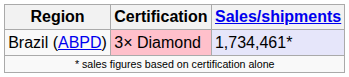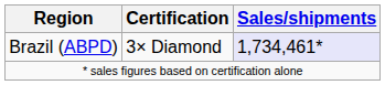 <table class="wikitable sortable">
 <tr>
 <th bgcolor="#ebf5ff">Region</th>
 <th bgcolor="#ebf5ff">Certification</th>
 <th bgcolor="#ebf5ff"><a href='#'>Sales/shipments</a></th>
 </tr>
 <tr>
 <td>Brazil (<a href='#'>ABPD</a>)</td>
-<td style="background: pink;">3× Diamond</td>
+<td>3× Diamond</td>
 <td style="background: lavender;">1,734,461*</td>
 </tr>
 <tr>
 <td align="center" colspan="16" style="font-size: 8pt">* sales figures based on certification alone</td>
 </tr>
 <tr>
 </tr>
 </table>
